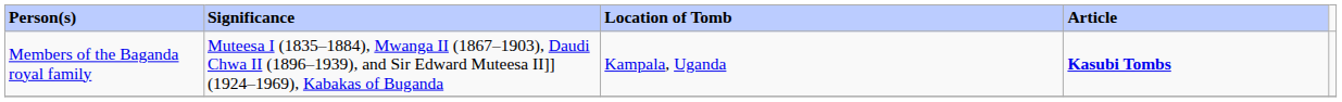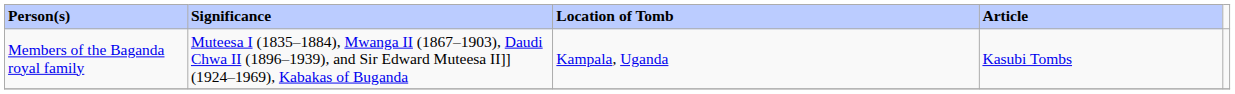 <table class="wikitable" width="100%" border="1" cellspacing="0" cellpadding="2">
 <tr>
 <td width="15%" bgcolor="#bbccff"><strong>Person(s)</strong></td>
 <td width="30%" bgcolor="#bbccff"><strong>Significance</strong></td>
 <td width="35%" bgcolor="#bbccff"><strong>Location of Tomb</strong></td>
 <td width="20%" bgcolor="#bbccff"><strong>Article</strong></td>
 </tr>
 <tr>
 <td><a href='#'>Members of the Baganda royal family</a></td>
 <td><a href='#'>Muteesa I</a> (1835–1884), <a href='#'>Mwanga II</a> (1867–1903), <a href='#'>Daudi Chwa II</a> (1896–1939), and Sir Edward Muteesa II]] (1924–1969), <a href='#'>Kabakas of Buganda</a></td>
 <td><a href='#'>Kampala</a>, <a href='#'>Uganda</a></td>
-<td><strong><a href='#'>Kasubi Tombs</a></strong></td>
+<td><a href='#'>Kasubi Tombs</a></td>
 <td></td>
 </tr>
 <tr>
 </tr>
 </table>
